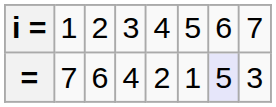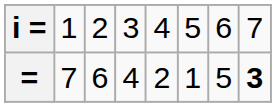 <table class="wikitable">
 <tr>
 <th>i =</th>
 <td>1</td>
 <td>2</td>
 <td>3</td>
 <td>4</td>
 <td>5</td>
 <td>6</td>
 <td>7</td>
 </tr>
 <tr>
 <th> =</th>
 <td>7</td>
 <td>6</td>
 <td>4</td>
 <td>2</td>
 <td>1</td>
-<td style="background: lavender;">5</td>
-<td>3</td>
+<td>5</td>
+<td><strong>3</strong></td>
 </tr>
 </table>
